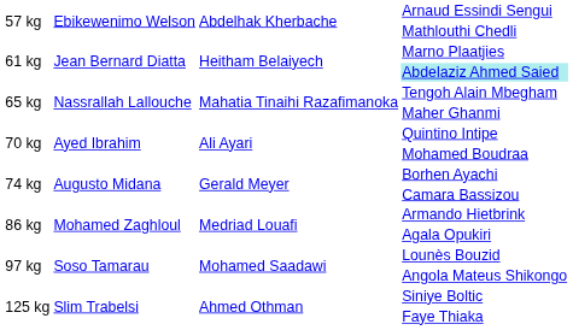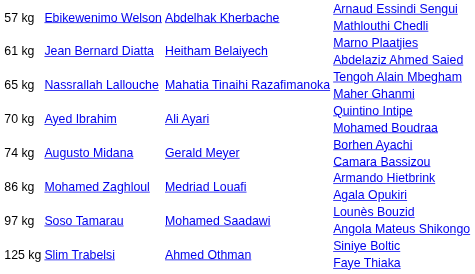 <table>
 <tr>
 <td rowspan=2>57 kg</td>
 <td rowspan=2> <a href='#'>Ebikewenimo Welson</a></td>
 <td rowspan=2> <a href='#'>Abdelhak Kherbache</a></td>
 <td> <a href='#'>Arnaud Essindi Sengui</a></td>
 </tr>
 <tr>
 <td> <a href='#'>Mathlouthi Chedli</a></td>
 </tr>
 <tr>
 <td rowspan=2>61 kg</td>
 <td rowspan=2> <a href='#'>Jean Bernard Diatta</a></td>
 <td rowspan=2> <a href='#'>Heitham Belaiyech</a></td>
 <td> <a href='#'>Marno Plaatjies</a></td>
 </tr>
 <tr>
-<td style="background: paleturquoise;"> <a href='#'>Abdelaziz Ahmed Saied</a></td>
+<td> <a href='#'>Abdelaziz Ahmed Saied</a></td>
 </tr>
 <tr>
 <td rowspan=2>65 kg</td>
 <td rowspan=2> <a href='#'>Nassrallah Lallouche</a></td>
 <td rowspan=2> <a href='#'>Mahatia Tinaihi Razafimanoka</a></td>
 <td> <a href='#'>Tengoh Alain Mbegham</a></td>
 </tr>
 <tr>
 <td> <a href='#'>Maher Ghanmi</a></td>
 </tr>
 <tr>
 <td rowspan=2>70 kg</td>
 <td rowspan=2> <a href='#'>Ayed Ibrahim</a></td>
 <td rowspan=2> <a href='#'>Ali Ayari</a></td>
 <td> <a href='#'>Quintino Intipe</a></td>
 </tr>
 <tr>
 <td> <a href='#'>Mohamed Boudraa</a></td>
 </tr>
 <tr>
 <td rowspan=2>74 kg</td>
 <td rowspan=2> <a href='#'>Augusto Midana</a></td>
 <td rowspan=2> <a href='#'>Gerald Meyer</a></td>
 <td> <a href='#'>Borhen Ayachi</a></td>
 </tr>
 <tr>
 <td> <a href='#'>Camara Bassizou</a></td>
 </tr>
 <tr>
 <td rowspan=2>86 kg</td>
 <td rowspan=2> <a href='#'>Mohamed Zaghloul</a></td>
 <td rowspan=2> <a href='#'>Medriad Louafi</a></td>
 <td> <a href='#'>Armando Hietbrink</a></td>
 </tr>
 <tr>
 <td> <a href='#'>Agala Opukiri</a></td>
 </tr>
 <tr>
 <td rowspan=2>97 kg</td>
 <td rowspan=2> <a href='#'>Soso Tamarau</a></td>
 <td rowspan=2> <a href='#'>Mohamed Saadawi</a></td>
 <td> <a href='#'>Lounès Bouzid</a></td>
 </tr>
 <tr>
 <td> <a href='#'>Angola Mateus Shikongo</a></td>
 </tr>
 <tr>
 <td rowspan=2>125 kg</td>
 <td rowspan=2> <a href='#'>Slim Trabelsi</a></td>
 <td rowspan=2> <a href='#'>Ahmed Othman</a></td>
 <td> <a href='#'>Siniye Boltic</a></td>
 </tr>
 <tr>
 <td> <a href='#'>Faye Thiaka</a></td>
 </tr>
 </table>
